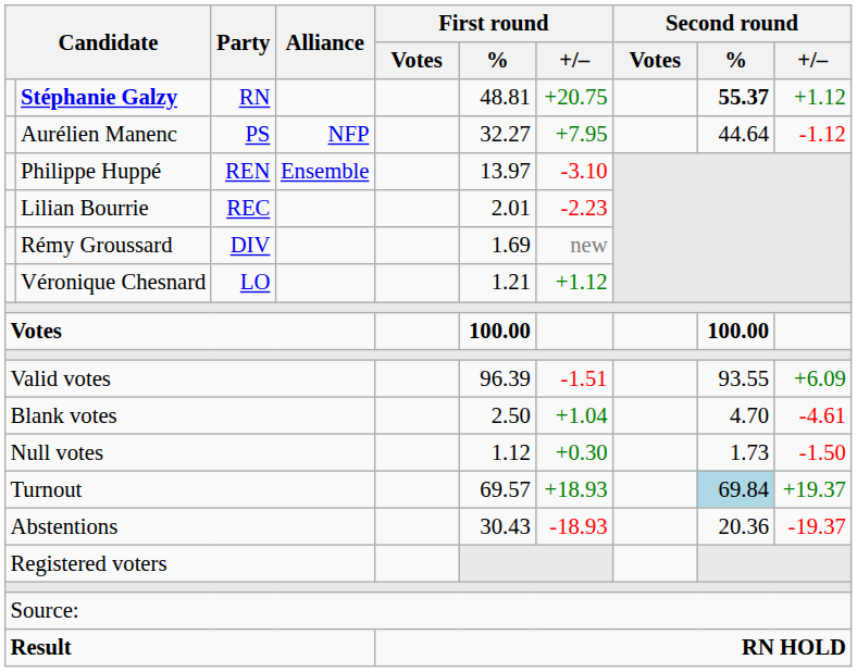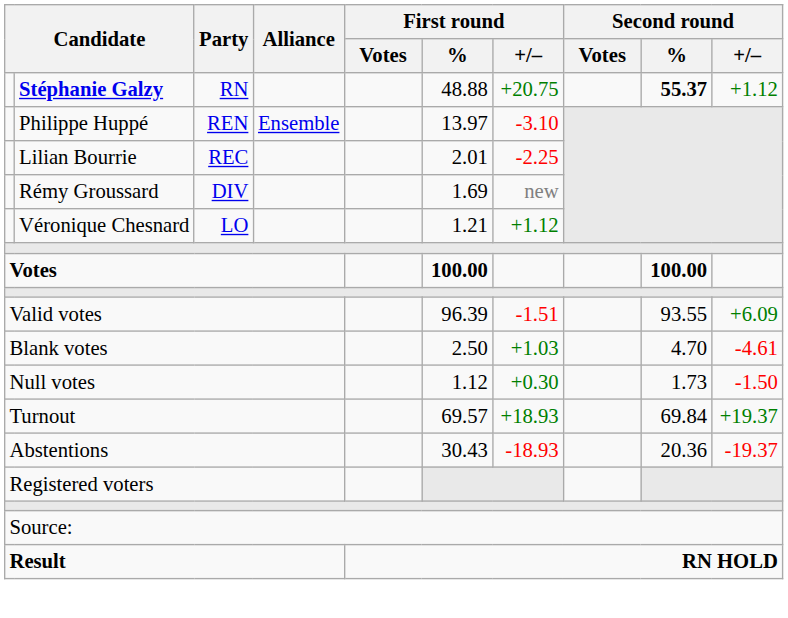 <table class="wikitable" style="text-align:right;font-size:95%;">
 <tr>
 <th rowspan="2" colspan="2">Candidate</th>
 <th colspan="1" rowspan="2">Party</th>
 <th colspan="1" rowspan="2">Alliance</th>
 <th colspan="3">First round</th>
 <th colspan="3">Second round</th>
 </tr>
 <tr>
 <th style="width:50px;">Votes</th>
 <th style="width:45px;">%</th>
 <th style="width:45px;">+/–</th>
 <th style="width:50px;">Votes</th>
 <th style="width:45px;">%</th>
 <th style="width:45px;">+/–</th>
 </tr>
 <tr>
 <td style="color:inherit;background:"></td>
 <td style="text-align:left;"><strong><a href='#'>Stéphanie Galzy</a></strong></td>
 <td><a href='#'>RN</a></td>
 <td></td>
 <td></td>
-<td>48.81</td>
+<td>48.88</td>
 <td style="color:green;">+20.75</td>
 <td><strong></strong></td>
 <td><strong>55.37</strong></td>
 <td style="color:green;">+1.12</td>
-</tr>
-<tr>
-<td style="color:inherit;background:"></td>
-<td style="text-align:left;">Aurélien Manenc</td>
-<td><a href='#'>PS</a></td>
-<td><a href='#'>NFP</a></td>
-<td></td>
-<td>32.27</td>
-<td style="color:green;">+7.95</td>
-<td></td>
-<td>44.64</td>
-<td style="color:red;">-1.12</td>
 </tr>
 <tr>
 <td style="color:inherit;background:"></td>
 <td style="text-align:left;">Philippe Huppé</td>
 <td><a href='#'>REN</a></td>
 <td><a href='#'>Ensemble</a></td>
 <td></td>
 <td>13.97</td>
 <td style="color:red;">-3.10</td>
 <td colspan="3" rowspan="4" style="background:#E9E9E9;"></td>
 </tr>
 <tr>
 <td style="color:inherit;background:"></td>
 <td style="text-align:left;">Lilian Bourrie</td>
 <td><a href='#'>REC</a></td>
 <td></td>
 <td></td>
 <td>2.01</td>
-<td style="color:red;">-2.23</td>
+<td style="color:red;">-2.25</td>
 </tr>
 <tr>
 <td style="color:inherit;background:"></td>
 <td style="text-align:left;">Rémy Groussard</td>
 <td><a href='#'>DIV</a></td>
 <td></td>
 <td></td>
 <td>1.69</td>
 <td style="color:grey;">new</td>
 </tr>
 <tr>
 <td style="color:inherit;background:"></td>
 <td style="text-align:left;">Véronique Chesnard</td>
 <td><a href='#'>LO</a></td>
 <td></td>
 <td></td>
 <td>1.21</td>
 <td style="color:green;">+1.12</td>
 </tr>
 <tr>
 <td colspan="10" style="background:#E9E9E9;"></td>
 </tr>
 <tr style="font-weight:bold;">
 <td colspan="4" style="text-align:left;">Votes</td>
 <td></td>
 <td>100.00</td>
 <td></td>
 <td></td>
 <td>100.00</td>
 <td></td>
 </tr>
 <tr>
 <td colspan="10" style="background:#E9E9E9;"></td>
 </tr>
 <tr>
 <td colspan="4" style="text-align:left;">Valid votes</td>
 <td></td>
 <td>96.39</td>
 <td style="color:red;">-1.51</td>
 <td></td>
 <td>93.55</td>
 <td style="color:green;">+6.09</td>
 </tr>
 <tr>
 <td colspan="4" style="text-align:left;">Blank votes</td>
 <td></td>
 <td>2.50</td>
-<td style="color:green;">+1.04</td>
+<td style="color:green;">+1.03</td>
 <td></td>
 <td>4.70</td>
 <td style="color:red;">-4.61</td>
 </tr>
 <tr>
 <td colspan="4" style="text-align:left;">Null votes</td>
 <td></td>
 <td>1.12</td>
 <td style="color:green;">+0.30</td>
 <td></td>
 <td>1.73</td>
 <td style="color:red;">-1.50</td>
 </tr>
 <tr>
 <td colspan="4" style="text-align:left;">Turnout</td>
 <td></td>
 <td>69.57</td>
 <td style="color:green;">+18.93</td>
 <td></td>
-<td style="background: lightblue;">69.84</td>
+<td>69.84</td>
 <td style="color:green;">+19.37</td>
 </tr>
 <tr>
 <td colspan="4" style="text-align:left;">Abstentions</td>
 <td></td>
 <td>30.43</td>
 <td style="color:red;">-18.93</td>
 <td></td>
 <td>20.36</td>
 <td style="color:red;">-19.37</td>
 </tr>
 <tr>
 <td colspan="4" style="text-align:left;">Registered voters</td>
 <td></td>
 <td colspan="2" style="background:#E9E9E9;"></td>
 <td></td>
 <td colspan="2" style="background:#E9E9E9;"></td>
 </tr>
 <tr>
 <td colspan="10" style="background:#E9E9E9;"></td>
 </tr>
 <tr>
 <td colspan="10" style="text-align:left;">Source: </td>
 </tr>
 <tr style="font-weight:bold">
 <td colspan="4" style="text-align:left;">Result</td>
 <td colspan="6" style="background-color:">RN HOLD</td>
 </tr>
 </table>
